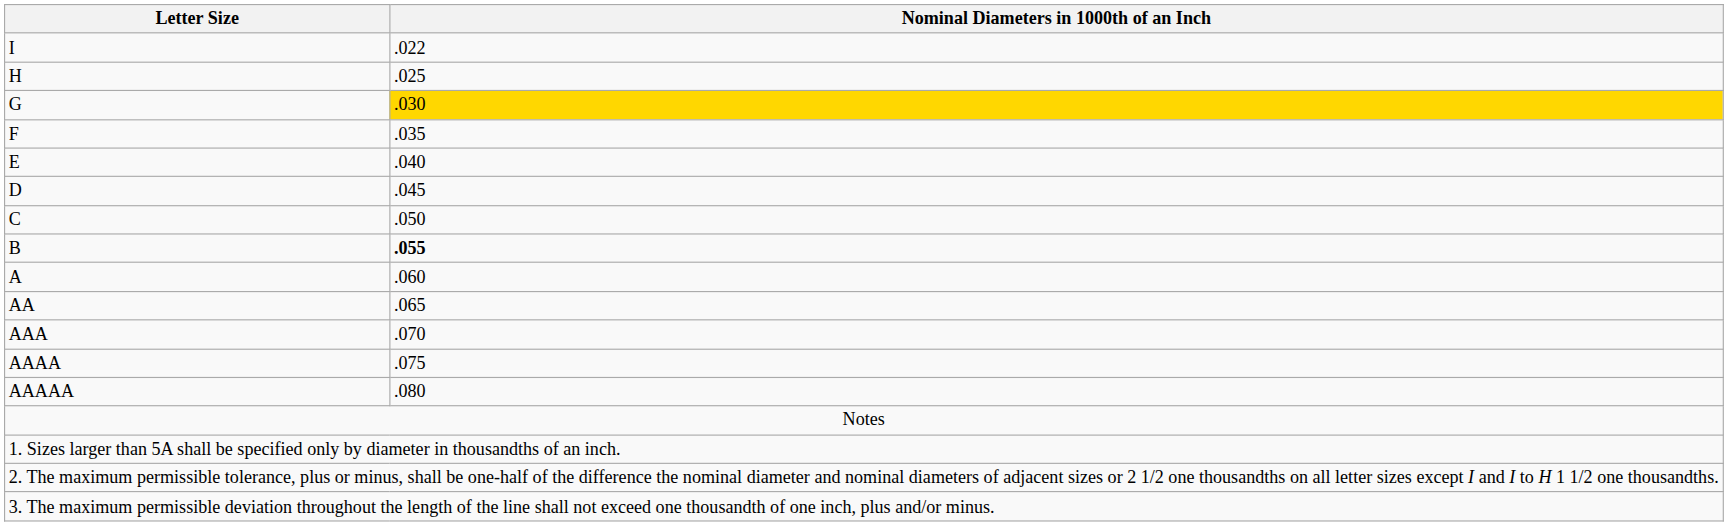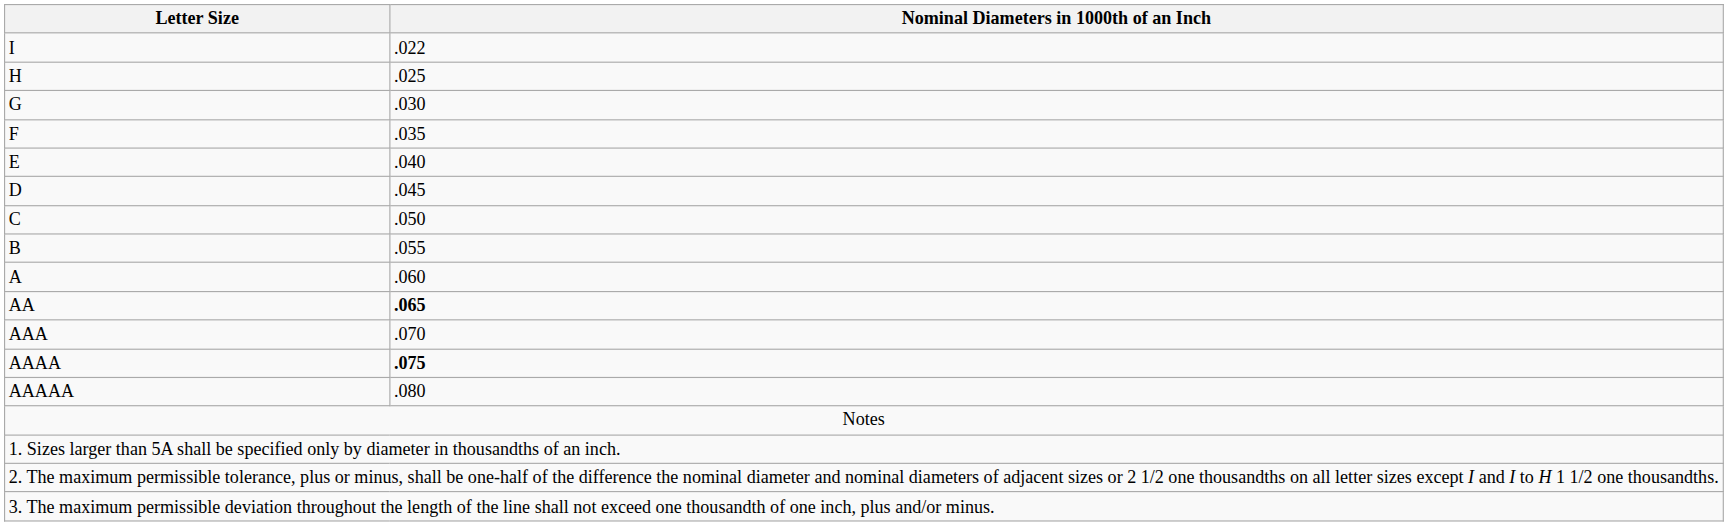 <table class="wikitable">
 <tr>
 <th>Letter Size</th>
 <th>Nominal Diameters in 1000th of an Inch</th>
 </tr>
 <tr>
 <td>I</td>
 <td>.022</td>
 </tr>
 <tr>
 <td>H</td>
 <td>.025</td>
 </tr>
 <tr>
 <td>G</td>
-<td style="background: gold;">.030</td>
+<td>.030</td>
 </tr>
 <tr>
 <td>F</td>
 <td>.035</td>
 </tr>
 <tr>
 <td>E</td>
 <td>.040</td>
 </tr>
 <tr>
 <td>D</td>
 <td>.045</td>
 </tr>
 <tr>
 <td>C</td>
 <td>.050</td>
 </tr>
 <tr>
 <td>B</td>
-<td><strong>.055</strong></td>
+<td>.055</td>
 </tr>
 <tr>
 <td>A</td>
 <td>.060</td>
 </tr>
 <tr>
 <td>AA</td>
-<td>.065</td>
+<td><strong>.065</strong></td>
 </tr>
 <tr>
 <td>AAA</td>
 <td>.070</td>
 </tr>
 <tr>
 <td>AAAA</td>
-<td>.075</td>
+<td><strong>.075</strong></td>
 </tr>
 <tr>
 <td>AAAAA</td>
 <td>.080</td>
 </tr>
 <tr>
 <td colspan="2" style="text-align: center;">Notes</td>
 </tr>
 <tr>
 <td colspan="2" style="text-align: left;">1. Sizes larger than 5A shall be specified only by diameter in thousandths of an inch.</td>
 </tr>
 <tr>
 <td colspan="2" style="text-align: left;">2. The maximum permissible tolerance, plus or minus, shall be one-half of the difference the nominal diameter and nominal diameters of adjacent sizes or 2 1/2 one thousandths on all letter sizes except <em>I</em> and <em>I</em> to <em>H</em> 1 1/2 one thousandths.</td>
 </tr>
 <tr>
 <td colspan="2" style="text-align: left;">3. The maximum permissible deviation throughout the length of the line shall not exceed one thousandth of one inch, plus and/or minus.</td>
 </tr>
 </table>
